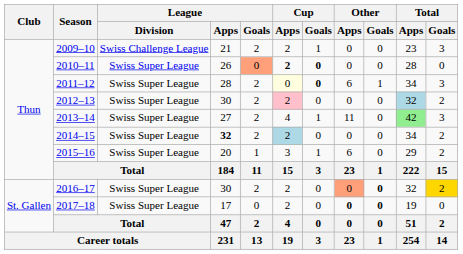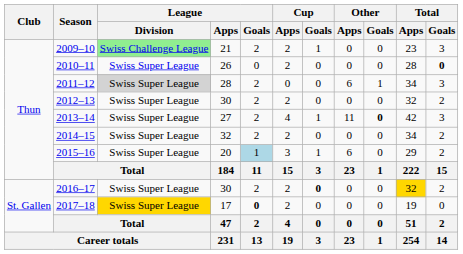 <table class="wikitable" style="text-align: center">
 <tr>
 <th rowspan="2">Club</th>
 <th rowspan="2">Season</th>
 <th colspan="3">League</th>
 <th colspan="2">Cup</th>
 <th colspan="2">Other</th>
 <th colspan="2">Total</th>
 </tr>
 <tr>
 <th>Division</th>
 <th>Apps</th>
 <th>Goals</th>
 <th>Apps</th>
 <th>Goals</th>
 <th>Apps</th>
 <th>Goals</th>
 <th>Apps</th>
 <th>Goals</th>
 </tr>
 <tr>
 <td rowspan="8"><a href='#'>Thun</a></td>
 <td><a href='#'>2009–10</a></td>
-<td><a href='#'>Swiss Challenge League</a></td>
+<td style="background: lightgreen;"><a href='#'>Swiss Challenge League</a></td>
 <td>21</td>
 <td>2</td>
 <td>2</td>
 <td>1</td>
 <td>0</td>
 <td>0</td>
 <td>23</td>
 <td>3</td>
 </tr>
 <tr>
 <td><a href='#'>2010–11</a></td>
 <td><a href='#'>Swiss Super League</a></td>
 <td>26</td>
-<td style="background: lightsalmon;">0</td>
-<td><strong>2</strong></td>
-<td><strong>0</strong></td>
+<td>0</td>
+<td>2</td>
+<td>0</td>
 <td>0</td>
 <td>0</td>
 <td>28</td>
-<td>0</td>
+<td><strong>0</strong></td>
 </tr>
 <tr>
 <td><a href='#'>2011–12</a></td>
-<td>Swiss Super League</td>
+<td style="background: lightgrey;">Swiss Super League</td>
 <td>28</td>
 <td>2</td>
-<td style="background: lightyellow;">0</td>
-<td><strong>0</strong></td>
+<td>0</td>
+<td>0</td>
 <td>6</td>
 <td>1</td>
 <td>34</td>
 <td>3</td>
 </tr>
 <tr>
 <td><a href='#'>2012–13</a></td>
 <td>Swiss Super League</td>
 <td>30</td>
 <td>2</td>
-<td style="background: pink;">2</td>
+<td>2</td>
 <td>0</td>
 <td>0</td>
 <td>0</td>
-<td style="background: lightblue;">32</td>
+<td>32</td>
 <td>2</td>
 </tr>
 <tr>
 <td><a href='#'>2013–14</a></td>
 <td>Swiss Super League</td>
 <td>27</td>
 <td>2</td>
 <td>4</td>
 <td>1</td>
 <td>11</td>
-<td>0</td>
-<td style="background: lightgreen;">42</td>
+<td><strong>0</strong></td>
+<td>42</td>
 <td>3</td>
 </tr>
 <tr>
 <td><a href='#'>2014–15</a></td>
 <td>Swiss Super League</td>
-<td><strong>32</strong></td>
+<td>32</td>
 <td>2</td>
-<td style="background: lightblue;">2</td>
+<td>2</td>
 <td>0</td>
 <td>0</td>
 <td>0</td>
 <td>34</td>
 <td>2</td>
 </tr>
 <tr>
 <td><a href='#'>2015–16</a></td>
 <td>Swiss Super League</td>
 <td>20</td>
-<td>1</td>
+<td style="background: lightblue;">1</td>
 <td>3</td>
 <td>1</td>
 <td>6</td>
 <td>0</td>
 <td>29</td>
 <td>2</td>
 </tr>
 <tr>
 <th colspan="2">Total</th>
 <th>184</th>
 <th>11</th>
 <th>15</th>
 <th>3</th>
 <th>23</th>
 <th>1</th>
 <th>222</th>
 <th>15</th>
 </tr>
 <tr>
 <td rowspan="3"><a href='#'>St. Gallen</a></td>
 <td><a href='#'>2016–17</a></td>
 <td>Swiss Super League</td>
 <td>30</td>
 <td>2</td>
 <td>2</td>
+<td><strong>0</strong></td>
 <td>0</td>
-<td style="background: lightsalmon;">0</td>
-<td><strong>0</strong></td>
-<td>32</td>
-<td style="background: gold;">2</td>
+<td>0</td>
+<td style="background: gold;">32</td>
+<td>2</td>
 </tr>
 <tr>
 <td><a href='#'>2017–18</a></td>
-<td>Swiss Super League</td>
+<td style="background: gold;">Swiss Super League</td>
 <td>17</td>
-<td>0</td>
+<td><strong>0</strong></td>
 <td>2</td>
 <td>0</td>
-<td><strong>0</strong></td>
-<td><strong>0</strong></td>
+<td>0</td>
+<td>0</td>
 <td>19</td>
 <td>0</td>
 </tr>
 <tr>
 <th colspan="2">Total</th>
 <th>47</th>
 <th>2</th>
 <th>4</th>
 <th>0</th>
 <th>0</th>
 <th>0</th>
 <th>51</th>
 <th>2</th>
 </tr>
 <tr>
 <th colspan="3">Career totals</th>
 <th>231</th>
 <th>13</th>
 <th>19</th>
 <th>3</th>
 <th>23</th>
 <th>1</th>
 <th>254</th>
 <th>14</th>
 </tr>
 </table>
